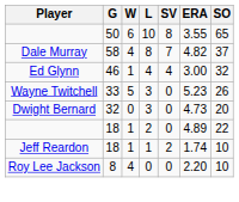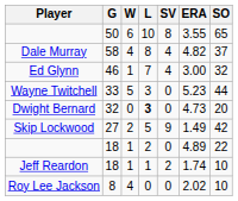 <table class="wikitable sortable">
 <tr>
 <th>Player</th>
 <th>G</th>
 <th>W</th>
 <th>L</th>
 <th>SV</th>
 <th>ERA</th>
 <th>SO</th>
 </tr>
 <tr style="text-align:center;">
 <td></td>
 <td>50</td>
 <td>6</td>
 <td>10</td>
 <td>8</td>
 <td>3.55</td>
 <td>65</td>
 </tr>
 <tr align=center>
 <td><a href='#'>Dale Murray</a></td>
 <td>58</td>
 <td>4</td>
 <td>8</td>
-<td>7</td>
+<td>4</td>
 <td>4.82</td>
 <td>37</td>
 </tr>
 <tr style="text-align:center;">
 <td><a href='#'>Ed Glynn</a></td>
 <td>46</td>
 <td>1</td>
-<td>4</td>
+<td>7</td>
 <td>4</td>
 <td>3.00</td>
 <td>32</td>
 </tr>
 <tr align=center>
 <td><a href='#'>Wayne Twitchell</a></td>
 <td>33</td>
 <td>5</td>
 <td>3</td>
 <td>0</td>
 <td>5.23</td>
-<td>26</td>
+<td>44</td>
 </tr>
 <tr align=center>
 <td><a href='#'>Dwight Bernard</a></td>
 <td>32</td>
 <td>0</td>
-<td>3</td>
+<td><strong>3</strong></td>
 <td>0</td>
 <td>4.73</td>
 <td>20</td>
+</tr>
+<tr align=center>
+<td><a href='#'>Skip Lockwood</a></td>
+<td>27</td>
+<td>2</td>
+<td>5</td>
+<td>9</td>
+<td>1.49</td>
+<td>42</td>
 </tr>
 <tr align=center>
 <td></td>
 <td>18</td>
 <td>1</td>
 <td>2</td>
 <td>0</td>
 <td>4.89</td>
 <td>22</td>
 </tr>
 <tr align=center>
 <td><a href='#'>Jeff Reardon</a></td>
 <td>18</td>
 <td>1</td>
 <td>1</td>
 <td>2</td>
 <td>1.74</td>
 <td>10</td>
 </tr>
 <tr align=center>
 <td><a href='#'>Roy Lee Jackson</a></td>
 <td>8</td>
 <td>4</td>
 <td>0</td>
 <td>0</td>
-<td>2.20</td>
+<td>2.02</td>
 <td>10</td>
 </tr>
 </table>
